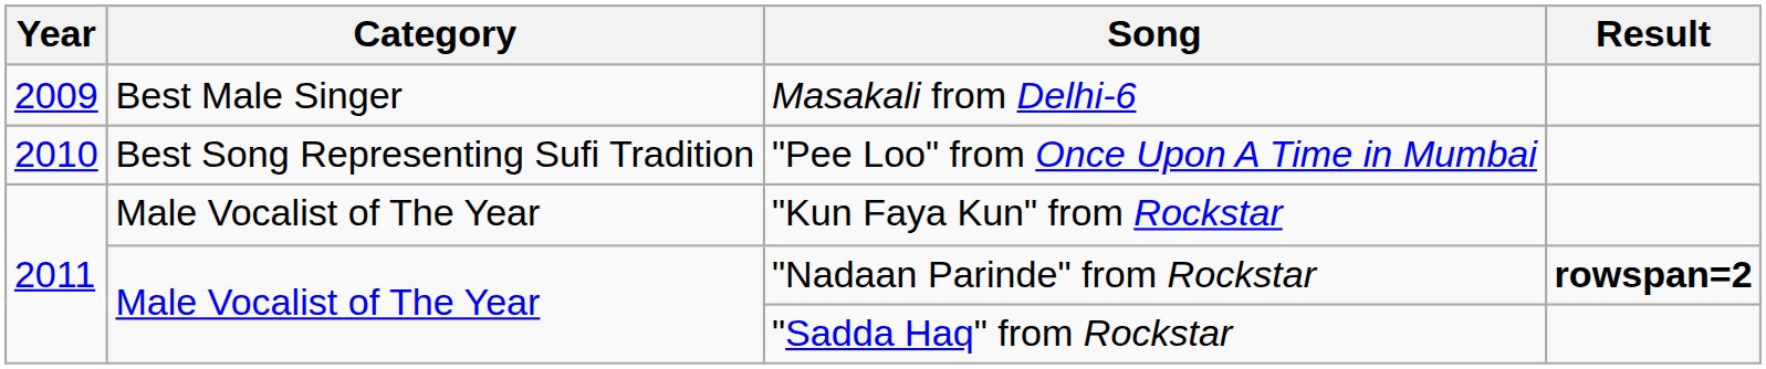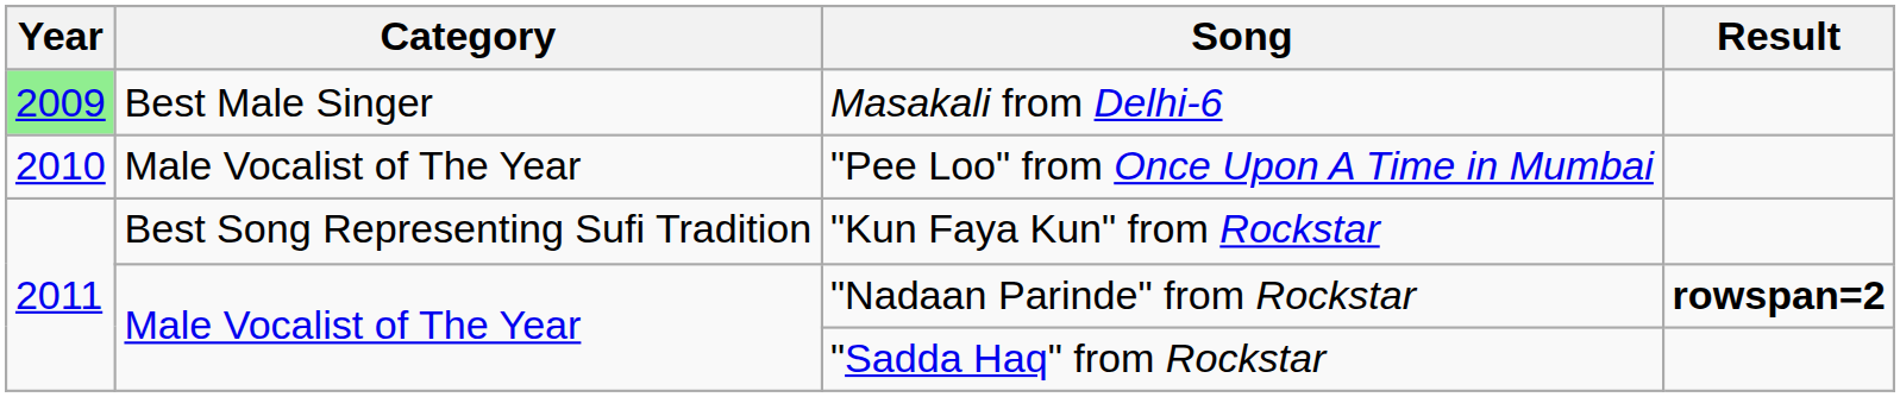 <table class="wikitable">
 <tr ---- bgcolor="#ebf5ff">
 <th>Year</th>
 <th>Category</th>
 <th>Song</th>
 <th>Result</th>
 </tr>
 <tr>
-<td><a href='#'>2009</a></td>
+<td style="background: lightgreen;"><a href='#'>2009</a></td>
 <td>Best Male Singer</td>
 <td><em>Masakali</em> from <em><a href='#'>Delhi-6</a></em></td>
 <td></td>
 </tr>
 <tr>
 <td><a href='#'>2010</a></td>
-<td>Best Song Representing Sufi Tradition</td>
+<td>Male Vocalist of The Year</td>
 <td>"Pee Loo" from <em><a href='#'>Once Upon A Time in Mumbai</a></em></td>
 <td></td>
 </tr>
 <tr>
 <td rowspan=3><a href='#'>2011</a></td>
-<td>Male Vocalist of The Year</td>
+<td>Best Song Representing Sufi Tradition</td>
 <td>"Kun Faya Kun" from <em><a href='#'>Rockstar</a></em></td>
 <td></td>
 </tr>
 <tr>
 <td rowspan=2><a href='#'>Male Vocalist of The Year</a></td>
 <td>"Nadaan Parinde" from <em>Rockstar</em></td>
 <td><strong>rowspan=2 </strong></td>
 </tr>
 <tr>
 <td>"<a href='#'>Sadda Haq</a>" from <em>Rockstar</em></td>
 </tr>
 </table>
